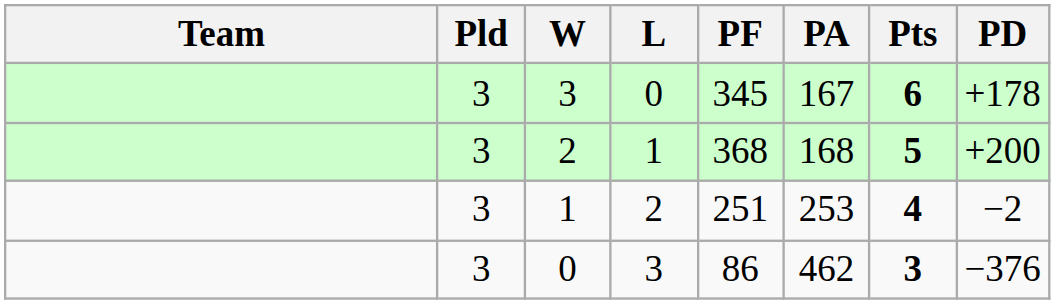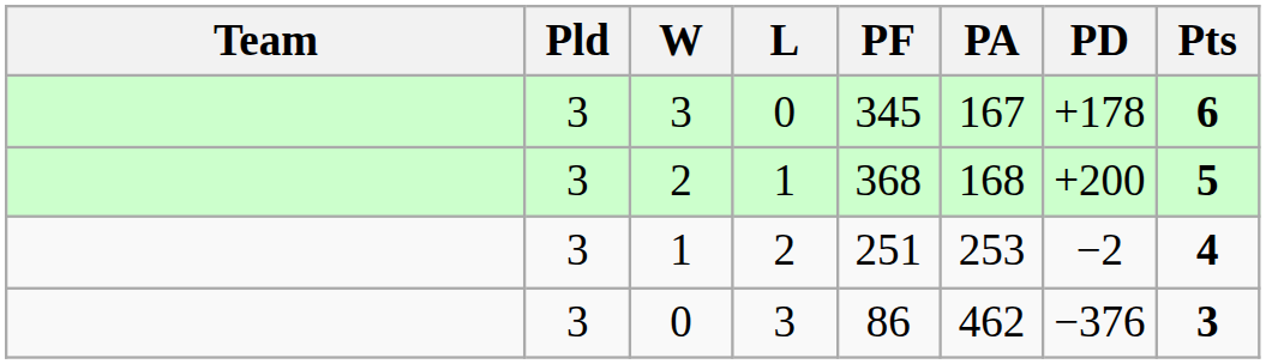 <table class=wikitable style="text-align:center">
 <tr>
 <th width=180>Team</th>
 <th width=30>Pld</th>
 <th width=30>W</th>
 <th width=30>L</th>
 <th width=30>PF</th>
 <th width=30>PA</th>
+<th width=30>PD</th>
 <th width=30>Pts</th>
-<th width=30>PD</th>
 </tr>
 <tr align=center bgcolor="#ccffcc">
 <td align=left></td>
 <td>3</td>
 <td>3</td>
 <td>0</td>
 <td>345</td>
 <td>167</td>
+<td>+178</td>
 <td><strong>6</strong></td>
-<td>+178</td>
 </tr>
 <tr align=center bgcolor="#ccffcc">
 <td align=left></td>
 <td>3</td>
 <td>2</td>
 <td>1</td>
 <td>368</td>
 <td>168</td>
+<td>+200</td>
 <td><strong>5</strong></td>
-<td>+200</td>
 </tr>
 <tr align=center>
 <td align=left></td>
 <td>3</td>
 <td>1</td>
 <td>2</td>
 <td>251</td>
 <td>253</td>
+<td>−2</td>
 <td><strong>4</strong></td>
-<td>−2</td>
 </tr>
 <tr align=center>
 <td align=left></td>
 <td>3</td>
 <td>0</td>
 <td>3</td>
 <td>86</td>
 <td>462</td>
+<td>−376</td>
 <td><strong>3</strong></td>
-<td>−376</td>
 </tr>
 </table>
